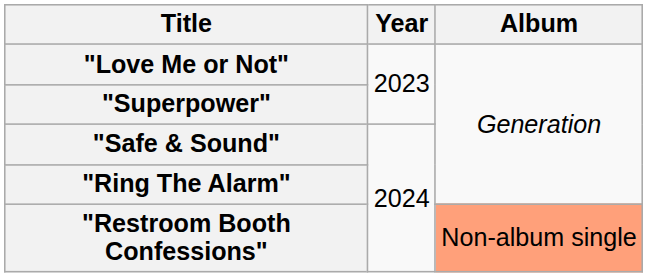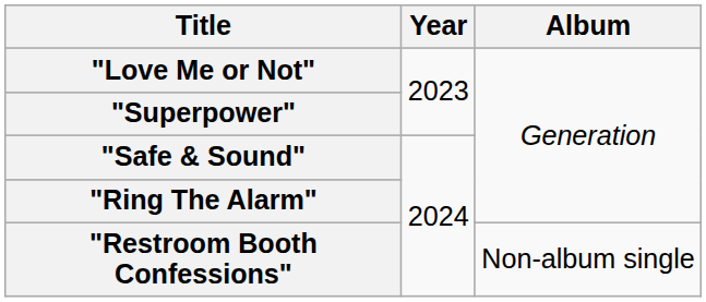 <table class="wikitable plainrowheaders" style="text-align:center;" border="1">
 <tr>
 <th scope="col" rowspan="1" style="width:14em;">Title</th>
 <th scope="col" rowspan="1" style="width:1em;">Year</th>
 <th scope="col" rowspan="1">Album</th>
 </tr>
 <tr>
 <th scope="row">"Love Me or Not"</th>
 <td rowspan="2">2023</td>
 <td rowspan="4"><em>Generation</em></td>
 </tr>
 <tr>
 <th scope="row">"Superpower"</th>
 </tr>
 <tr>
 <th scope="row">"Safe & Sound"</th>
 <td rowspan="3">2024</td>
 </tr>
 <tr>
 <th scope="row">"Ring The Alarm"</th>
 </tr>
 <tr>
 <th scope="row">"Restroom Booth Confessions"</th>
-<td style="background: lightsalmon;">Non-album single</td>
+<td>Non-album single</td>
 </tr>
 </table>
